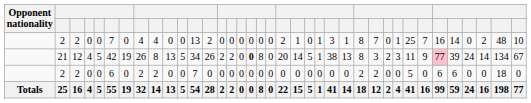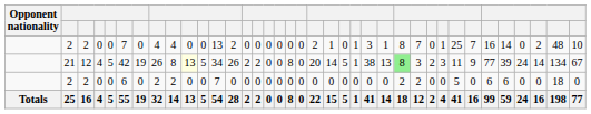 <table class="wikitable " style="text-align:center; font-size:80%">
 <tr>
 <th rowspan=2>Opponent<br>nationality</th>
 <th colspan=6></th>
 <th colspan=6></th>
 <th colspan=6></th>
 <th colspan=6></th>
 <th colspan=6></th>
 <th colspan=6></th>
 </tr>
 <tr>
 <th></th>
 <th></th>
 <th></th>
 <th></th>
 <th></th>
 <th></th>
 <th></th>
 <th></th>
 <th></th>
 <th></th>
 <th></th>
 <th></th>
 <th></th>
 <th></th>
 <th></th>
 <th></th>
 <th></th>
 <th></th>
 <th></th>
 <th></th>
 <th></th>
 <th></th>
 <th></th>
 <th></th>
 <th></th>
 <th></th>
 <th></th>
 <th></th>
 <th></th>
 <th></th>
 <th></th>
 <th></th>
 <th></th>
 <th></th>
 <th></th>
 <th></th>
 </tr>
 <tr>
 <td></td>
 <td>2</td>
 <td>2</td>
 <td>0</td>
 <td>0</td>
 <td>7</td>
 <td>0</td>
 <td>4</td>
 <td>4</td>
 <td>0</td>
 <td>0</td>
 <td>13</td>
 <td>2</td>
 <td>0</td>
 <td>0</td>
 <td>0</td>
 <td>0</td>
 <td>0</td>
 <td>0</td>
 <td>2</td>
 <td>1</td>
 <td>0</td>
 <td>1</td>
 <td>3</td>
 <td>1</td>
 <td>8</td>
 <td>7</td>
 <td>0</td>
 <td>1</td>
 <td>25</td>
 <td>7</td>
 <td>16</td>
 <td>14</td>
 <td>0</td>
 <td>2</td>
 <td>48</td>
 <td>10</td>
 </tr>
 <tr>
 <td></td>
 <td>21</td>
 <td>12</td>
 <td>4</td>
 <td>5</td>
 <td>42</td>
 <td>19</td>
 <td>26</td>
 <td>8</td>
-<td>13</td>
+<td style="background: lightyellow;">13</td>
 <td>5</td>
 <td>34</td>
 <td>26</td>
 <td>2</td>
 <td>2</td>
 <td>0</td>
-<td><strong>0</strong></td>
+<td>0</td>
 <td>8</td>
 <td>0</td>
 <td>20</td>
 <td>14</td>
 <td>5</td>
 <td>1</td>
 <td>38</td>
 <td>13</td>
-<td>8</td>
+<td style="background: lightgreen;">8</td>
 <td>3</td>
 <td>2</td>
 <td>3</td>
 <td>11</td>
 <td>9</td>
-<td style="background: pink;">77</td>
+<td>77</td>
 <td>39</td>
 <td>24</td>
 <td>14</td>
 <td>134</td>
 <td>67</td>
 </tr>
 <tr>
 <td></td>
 <td>2</td>
 <td>2</td>
 <td>0</td>
 <td>0</td>
 <td>6</td>
 <td>0</td>
 <td>2</td>
 <td>2</td>
 <td>0</td>
 <td>0</td>
 <td>7</td>
 <td>0</td>
 <td>0</td>
 <td>0</td>
 <td>0</td>
 <td>0</td>
 <td>0</td>
 <td>0</td>
 <td>0</td>
 <td>0</td>
 <td>0</td>
 <td>0</td>
 <td>0</td>
 <td>0</td>
 <td>2</td>
 <td>2</td>
 <td>0</td>
 <td>0</td>
 <td>5</td>
 <td>0</td>
 <td>6</td>
 <td>6</td>
 <td>0</td>
 <td>0</td>
 <td>18</td>
 <td>0</td>
 </tr>
 <tr>
 <th>Totals</th>
 <th>25</th>
 <th>16</th>
 <th>4</th>
 <th>5</th>
 <th>55</th>
 <th>19</th>
 <th>32</th>
 <th>14</th>
 <th>13</th>
 <th>5</th>
 <th>54</th>
 <th>28</th>
 <th>2</th>
 <th>2</th>
 <th>0</th>
 <th>0</th>
 <th>8</th>
 <th>0</th>
 <th>22</th>
 <th>15</th>
 <th>5</th>
 <th>1</th>
 <th>41</th>
 <th>14</th>
 <th>18</th>
 <th>12</th>
 <th>2</th>
 <th>4</th>
 <th>41</th>
 <th>16</th>
 <th>99</th>
 <th>59</th>
 <th>24</th>
 <th>16</th>
 <th>198</th>
 <th>77</th>
 </tr>
 </table>
